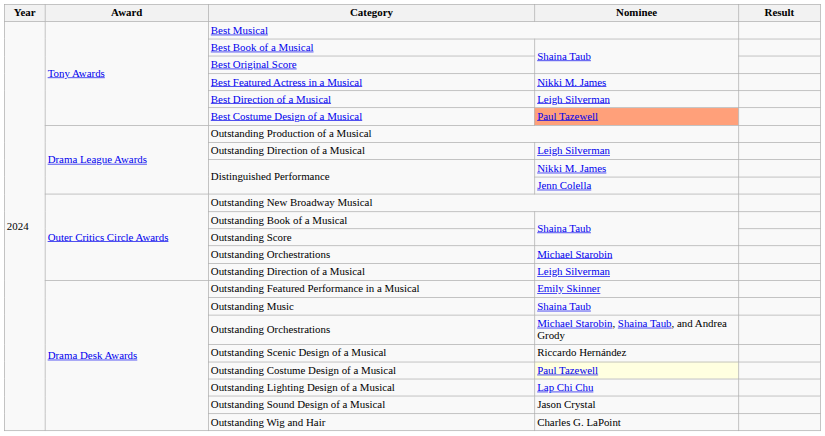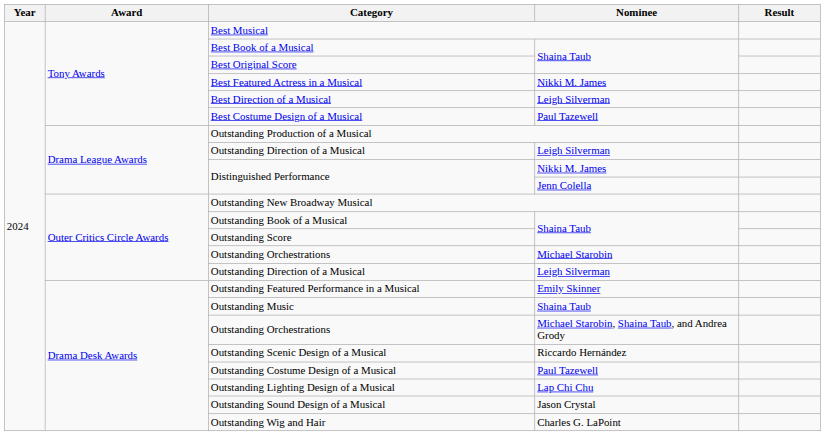 <table class="wikitable" width="95%">
 <tr>
 <th width="5%">Year</th>
 <th width="20%">Award</th>
 <th width="40%">Category</th>
 <th width="25%">Nominee</th>
 <th width="10%">Result</th>
 </tr>
 <tr>
 <td rowspan="23">2024</td>
 <td rowspan="6"><a href='#'>Tony Awards</a></td>
 <td colspan="2"><a href='#'>Best Musical</a></td>
 <td></td>
 </tr>
 <tr>
 <td><a href='#'>Best Book of a Musical</a></td>
 <td rowspan="2"><a href='#'>Shaina Taub</a></td>
 <td></td>
 </tr>
 <tr>
 <td><a href='#'>Best Original Score</a></td>
 <td></td>
 </tr>
 <tr>
 <td><a href='#'>Best Featured Actress in a Musical</a></td>
 <td><a href='#'>Nikki M. James</a></td>
 <td></td>
 </tr>
 <tr>
 <td><a href='#'>Best Direction of a Musical</a></td>
 <td><a href='#'>Leigh Silverman</a></td>
 <td></td>
 </tr>
 <tr>
 <td><a href='#'>Best Costume Design of a Musical</a></td>
-<td style="background: lightsalmon;"><a href='#'>Paul Tazewell</a></td>
+<td><a href='#'>Paul Tazewell</a></td>
 <td></td>
 </tr>
 <tr>
 <td rowspan="4"><a href='#'>Drama League Awards</a></td>
 <td colspan="2">Outstanding Production of a Musical</td>
 <td></td>
 </tr>
 <tr>
 <td>Outstanding Direction of a Musical</td>
 <td><a href='#'>Leigh Silverman</a></td>
 <td></td>
 </tr>
 <tr>
 <td rowspan="2">Distinguished Performance</td>
 <td><a href='#'>Nikki M. James</a></td>
 <td></td>
 </tr>
 <tr>
 <td><a href='#'>Jenn Colella</a></td>
 <td></td>
 </tr>
 <tr>
 <td rowspan="5"><a href='#'>Outer Critics Circle Awards</a></td>
 <td colspan="2">Outstanding New Broadway Musical</td>
 <td></td>
 </tr>
 <tr>
 <td>Outstanding Book of a Musical</td>
 <td rowspan="2"><a href='#'>Shaina Taub</a></td>
 <td></td>
 </tr>
 <tr>
 <td>Outstanding Score</td>
 <td></td>
 </tr>
 <tr>
 <td>Outstanding Orchestrations</td>
 <td><a href='#'>Michael Starobin</a></td>
 <td></td>
 </tr>
 <tr>
 <td>Outstanding Direction of a Musical</td>
 <td><a href='#'>Leigh Silverman</a></td>
 <td></td>
 </tr>
 <tr>
 <td rowspan="8"><a href='#'>Drama Desk Awards</a></td>
 <td>Outstanding Featured Performance in a Musical</td>
 <td><a href='#'>Emily Skinner</a></td>
 <td></td>
 </tr>
 <tr>
 <td>Outstanding Music</td>
 <td><a href='#'>Shaina Taub</a></td>
 <td></td>
 </tr>
 <tr>
 <td>Outstanding Orchestrations</td>
 <td><a href='#'>Michael Starobin</a>, <a href='#'>Shaina Taub</a>, and Andrea Grody</td>
 <td></td>
 </tr>
 <tr>
 <td>Outstanding Scenic Design of a Musical</td>
 <td>Riccardo Hernández</td>
 <td></td>
 </tr>
 <tr>
 <td>Outstanding Costume Design of a Musical</td>
-<td style="background: lightyellow;"><a href='#'>Paul Tazewell</a></td>
+<td><a href='#'>Paul Tazewell</a></td>
 <td></td>
 </tr>
 <tr>
 <td>Outstanding Lighting Design of a Musical</td>
 <td><a href='#'>Lap Chi Chu</a></td>
 <td></td>
 </tr>
 <tr>
 <td>Outstanding Sound Design of a Musical</td>
 <td>Jason Crystal</td>
 <td></td>
 </tr>
 <tr>
 <td>Outstanding Wig and Hair</td>
 <td>Charles G. LaPoint</td>
 <td></td>
 </tr>
 </table>
